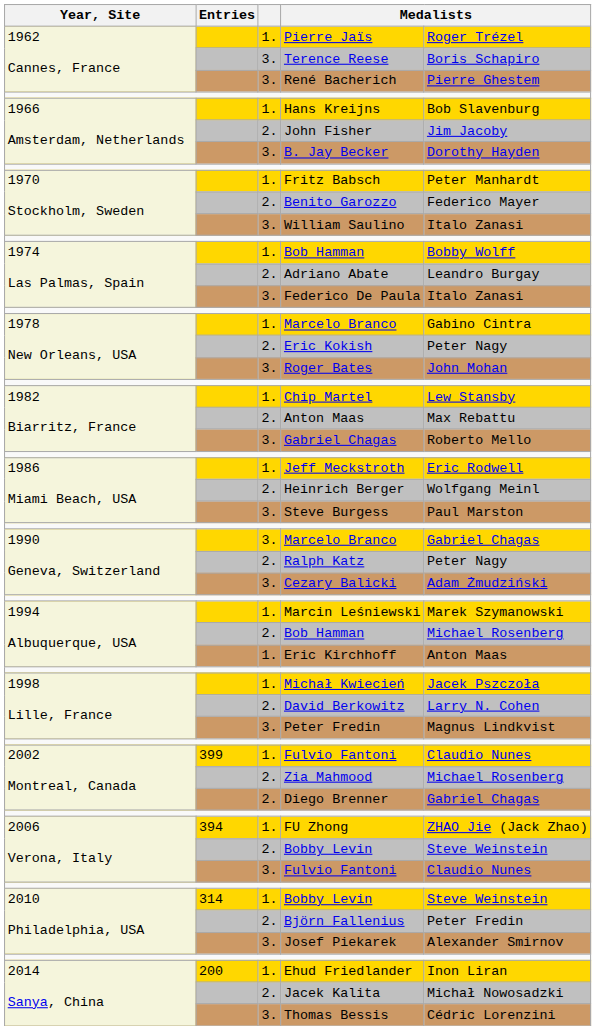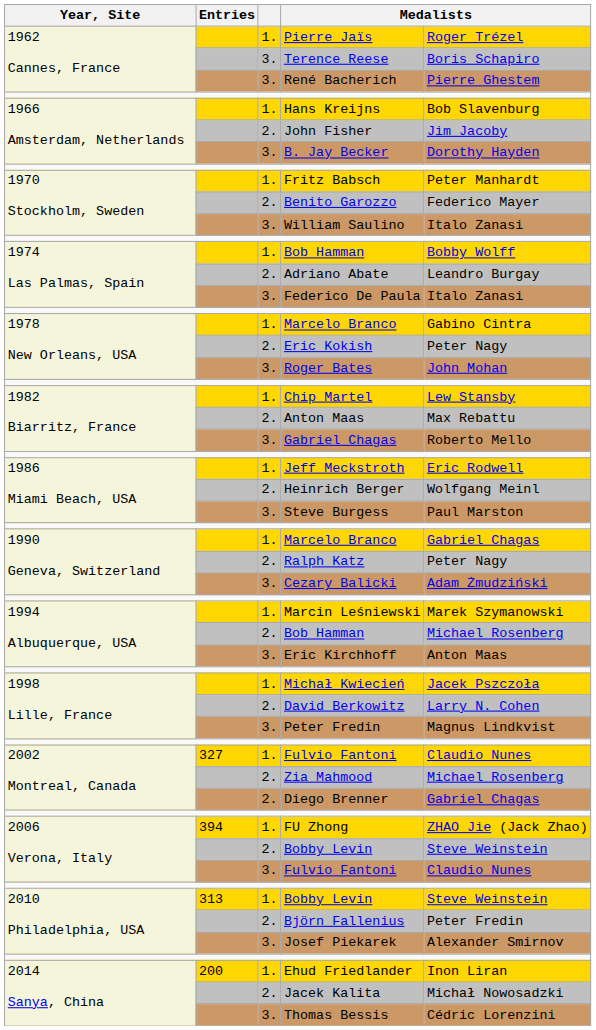 <table class="wikitable">
 <tr>
 <th>Year, Site</th>
 <th>Entries</th>
 <th></th>
 <th colspan=2>Medalists</th>
 </tr>
 <tr bgcolor="gold">
 <td rowspan=3 bgcolor="beige" valign="Top">1962 <br><br>Cannes, France <br></td>
 <td></td>
 <td>1.</td>
 <td> <a href='#'>Pierre Jaïs</a></td>
 <td> <a href='#'>Roger Trézel</a></td>
 </tr>
 <tr bgcolor="silver">
 <td></td>
 <td>3.</td>
 <td> <a href='#'>Terence Reese</a></td>
 <td> <a href='#'>Boris Schapiro</a></td>
 </tr>
 <tr bgcolor="cc9966">
 <td></td>
 <td>3.</td>
 <td> René Bacherich</td>
 <td> <a href='#'>Pierre Ghestem</a></td>
 </tr>
 <tr>
 <td colspan=5></td>
 </tr>
 <tr bgcolor="gold">
 <td rowspan=3 bgcolor="beige" valign="Top">1966 <br><br>Amsterdam, Netherlands  <br></td>
 <td></td>
 <td>1.</td>
 <td> Hans Kreijns</td>
 <td> Bob Slavenburg</td>
 </tr>
 <tr bgcolor="silver">
 <td></td>
 <td>2.</td>
 <td> John Fisher</td>
 <td> <a href='#'>Jim Jacoby</a></td>
 </tr>
 <tr bgcolor="cc9966">
 <td></td>
 <td>3.</td>
 <td> <a href='#'>B. Jay Becker</a></td>
 <td> <a href='#'>Dorothy Hayden</a></td>
 </tr>
 <tr>
 <td colspan=5></td>
 </tr>
 <tr bgcolor="gold">
 <td rowspan=3 bgcolor="beige" valign="Top">1970 <br><br>Stockholm, Sweden <br></td>
 <td></td>
 <td>1.</td>
 <td> Fritz Babsch</td>
 <td> Peter Manhardt</td>
 </tr>
 <tr bgcolor="silver">
 <td></td>
 <td>2.</td>
 <td> <a href='#'>Benito Garozzo</a></td>
 <td> Federico Mayer</td>
 </tr>
 <tr bgcolor="cc9966">
 <td></td>
 <td>3.</td>
 <td> William Saulino</td>
 <td> Italo Zanasi</td>
 </tr>
 <tr>
 <td colspan=5></td>
 </tr>
 <tr bgcolor="gold">
 <td rowspan=3 bgcolor="beige" valign="Top">1974 <br><br>Las Palmas, Spain <br></td>
 <td></td>
 <td>1.</td>
 <td> <a href='#'>Bob Hamman</a></td>
 <td> <a href='#'>Bobby Wolff</a></td>
 </tr>
 <tr bgcolor="silver">
 <td></td>
 <td>2.</td>
 <td> Adriano Abate</td>
 <td> Leandro Burgay</td>
 </tr>
 <tr bgcolor="cc9966">
 <td></td>
 <td>3.</td>
 <td> Federico De Paula</td>
 <td> Italo Zanasi</td>
 </tr>
 <tr>
 <td colspan=5></td>
 </tr>
 <tr bgcolor="gold">
 <td rowspan=3 bgcolor="beige" valign="Top">1978 <br><br>New Orleans, USA <br></td>
 <td></td>
 <td>1.</td>
 <td> <a href='#'>Marcelo Branco</a></td>
 <td> Gabino Cintra</td>
 </tr>
 <tr bgcolor="silver">
 <td></td>
 <td>2.</td>
 <td> <a href='#'>Eric Kokish</a></td>
 <td> Peter Nagy</td>
 </tr>
 <tr bgcolor="cc9966">
 <td></td>
 <td>3.</td>
 <td> <a href='#'>Roger Bates</a></td>
 <td> <a href='#'>John Mohan</a></td>
 </tr>
 <tr>
 <td colspan=5></td>
 </tr>
 <tr bgcolor="gold">
 <td rowspan=3 bgcolor="beige" valign="Top">1982 <br><br>Biarritz, France <br></td>
 <td></td>
 <td>1.</td>
 <td> <a href='#'>Chip Martel</a></td>
 <td> <a href='#'>Lew Stansby</a></td>
 </tr>
 <tr bgcolor="silver">
 <td></td>
 <td>2.</td>
 <td> Anton Maas</td>
 <td> Max Rebattu</td>
 </tr>
 <tr bgcolor="cc9966">
 <td></td>
 <td>3.</td>
 <td> <a href='#'>Gabriel Chagas</a></td>
 <td> Roberto Mello</td>
 </tr>
 <tr>
 <td colspan=5></td>
 </tr>
 <tr bgcolor="gold">
 <td rowspan=3 bgcolor="beige" valign="Top">1986 <br><br>Miami Beach, USA <br></td>
 <td></td>
 <td>1.</td>
 <td> <a href='#'>Jeff Meckstroth</a></td>
 <td> <a href='#'>Eric Rodwell</a></td>
 </tr>
 <tr bgcolor="silver">
 <td></td>
 <td>2.</td>
 <td> Heinrich Berger</td>
 <td> Wolfgang Meinl</td>
 </tr>
 <tr bgcolor="cc9966">
 <td></td>
 <td>3.</td>
 <td> Steve Burgess</td>
 <td> Paul Marston</td>
 </tr>
 <tr>
 <td colspan=5></td>
 </tr>
 <tr bgcolor="gold">
 <td rowspan=3 bgcolor="beige" valign="Top">1990 <br><br>Geneva, Switzerland <br></td>
 <td></td>
-<td>3.</td>
+<td>1.</td>
 <td> <a href='#'>Marcelo Branco</a></td>
 <td> <a href='#'>Gabriel Chagas</a></td>
 </tr>
 <tr bgcolor="silver">
 <td></td>
 <td>2.</td>
 <td> <a href='#'>Ralph Katz</a></td>
 <td> Peter Nagy</td>
 </tr>
 <tr bgcolor="cc9966">
 <td></td>
 <td>3.</td>
 <td> <a href='#'>Cezary Balicki</a></td>
 <td> <a href='#'>Adam Żmudziński</a></td>
 </tr>
 <tr>
 <td colspan=5></td>
 </tr>
 <tr bgcolor="gold">
 <td rowspan=3 bgcolor="beige" valign="Top">1994 <br><br>Albuquerque, USA <br></td>
 <td></td>
 <td>1.</td>
 <td> Marcin Leśniewski</td>
 <td> Marek Szymanowski</td>
 </tr>
 <tr bgcolor="silver">
 <td></td>
 <td>2.</td>
 <td> <a href='#'>Bob Hamman</a></td>
 <td> <a href='#'>Michael Rosenberg</a></td>
 </tr>
 <tr bgcolor="cc9966">
 <td></td>
-<td>1.</td>
+<td>3.</td>
 <td> Eric Kirchhoff</td>
 <td> Anton Maas</td>
 </tr>
 <tr>
 <td colspan=5></td>
 </tr>
 <tr bgcolor="gold">
 <td rowspan=3 bgcolor="beige" valign="Top">1998 <br><br>Lille, France <br></td>
 <td></td>
 <td>1.</td>
 <td> <a href='#'>Michał Kwiecień</a></td>
 <td> <a href='#'>Jacek Pszczoła</a></td>
 </tr>
 <tr bgcolor="silver">
 <td></td>
 <td>2.</td>
 <td> <a href='#'>David Berkowitz</a></td>
 <td> <a href='#'>Larry N. Cohen</a></td>
 </tr>
 <tr bgcolor="cc9966">
 <td></td>
 <td>3.</td>
 <td> Peter Fredin</td>
 <td> Magnus Lindkvist</td>
 </tr>
 <tr>
 <td colspan=5></td>
 </tr>
 <tr bgcolor="gold">
 <td rowspan=3 bgcolor="beige" valign="Top">2002 <br><br>Montreal, Canada <br></td>
-<td>399</td>
+<td>327</td>
 <td>1.</td>
 <td> <a href='#'>Fulvio Fantoni</a></td>
 <td> <a href='#'>Claudio Nunes</a></td>
 </tr>
 <tr bgcolor="silver">
 <td></td>
 <td>2.</td>
 <td> <a href='#'>Zia Mahmood</a></td>
 <td> <a href='#'>Michael Rosenberg</a></td>
 </tr>
 <tr bgcolor="cc9966">
 <td></td>
 <td>2.</td>
 <td> Diego Brenner</td>
 <td> <a href='#'>Gabriel Chagas</a></td>
 </tr>
 <tr>
 <td colspan=5></td>
 </tr>
 <tr bgcolor="gold">
 <td rowspan=3 bgcolor="beige" valign="Top">2006 <br><br>Verona, Italy <br></td>
 <td>394</td>
 <td>1.</td>
 <td> FU Zhong</td>
 <td> <a href='#'>ZHAO Jie</a> (Jack Zhao)</td>
 </tr>
 <tr bgcolor="silver">
 <td></td>
 <td>2.</td>
 <td> <a href='#'>Bobby Levin</a></td>
 <td> <a href='#'>Steve Weinstein</a></td>
 </tr>
 <tr bgcolor="cc9966">
 <td></td>
 <td>3.</td>
 <td> <a href='#'>Fulvio Fantoni</a></td>
 <td> <a href='#'>Claudio Nunes</a></td>
 </tr>
 <tr>
 <td colspan=5></td>
 </tr>
 <tr bgcolor="gold">
 <td rowspan=3 bgcolor="beige" valign="Top">2010 <br><br>Philadelphia, USA <br></td>
-<td>314</td>
+<td>313</td>
 <td>1.</td>
 <td> <a href='#'>Bobby Levin</a></td>
 <td> <a href='#'>Steve Weinstein</a></td>
 </tr>
 <tr bgcolor="silver">
 <td></td>
 <td>2.</td>
 <td> <a href='#'>Björn Fallenius</a></td>
 <td> Peter Fredin</td>
 </tr>
 <tr bgcolor="cc9966">
 <td></td>
 <td>3.</td>
 <td> Josef Piekarek</td>
 <td> Alexander Smirnov</td>
 </tr>
 <tr>
 <td colspan=5></td>
 </tr>
 <tr bgcolor="gold">
 <td rowspan=3 bgcolor="beige" valign="Top">2014  <br><br><a href='#'>Sanya</a>, China <br></td>
 <td>200</td>
 <td>1.</td>
 <td> Ehud Friedlander</td>
 <td> Inon Liran</td>
 </tr>
 <tr bgcolor="silver">
 <td></td>
 <td>2.</td>
 <td> Jacek Kalita</td>
 <td> Michał Nowosadzki</td>
 </tr>
 <tr bgcolor="cc9966">
 <td></td>
 <td>3.</td>
 <td> Thomas Bessis</td>
 <td> Cédric Lorenzini</td>
 </tr>
 <tr>
 </tr>
 </table>
